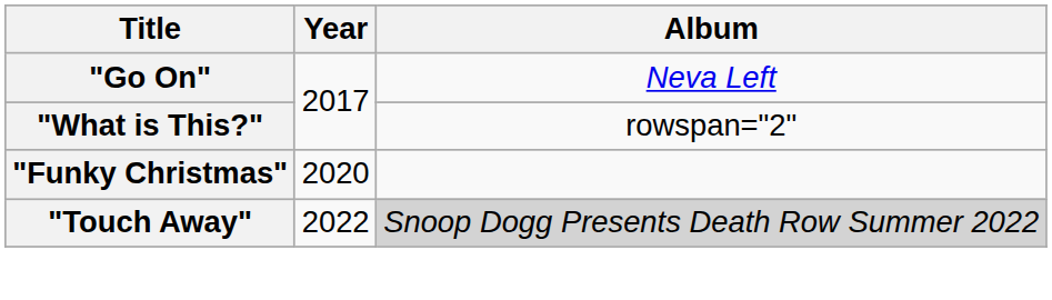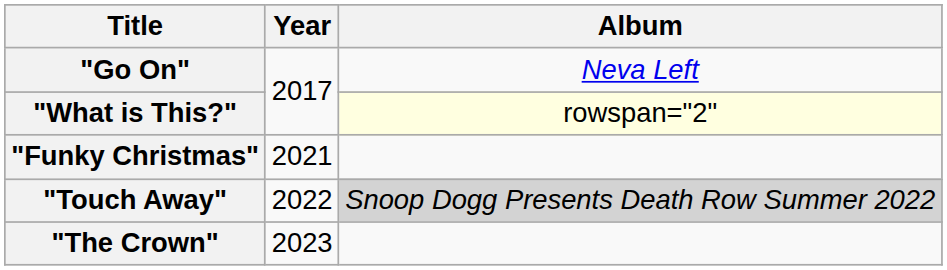 <table class="wikitable plainrowheaders" style="text-align:center;">
 <tr>
 <th scope="col">Title</th>
 <th scope="col">Year</th>
 <th scope="col">Album</th>
 </tr>
 <tr>
 <th scope="row">"Go On"<br></th>
 <td rowspan="2">2017</td>
 <td><em><a href='#'>Neva Left</a></em></td>
 </tr>
 <tr>
 <th scope="row">"What is This?"<br></th>
-<td>rowspan="2" </td>
+<td style="background: lightyellow;">rowspan="2" </td>
 </tr>
 <tr>
 <th scope="row">"Funky Christmas"<br></th>
-<td>2020</td>
+<td>2021</td>
 </tr>
 <tr>
 <th scope="row">"Touch Away"<br></th>
 <td>2022</td>
 <td style="background: lightgrey;"><em>Snoop Dogg Presents Death Row Summer 2022</em></td>
 </tr>
+<tr>
+<th scope="row">"The Crown"<br></th>
+<td>2023</td>
+<td></td>
+</tr>
 </table>
